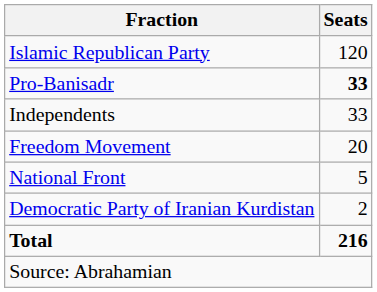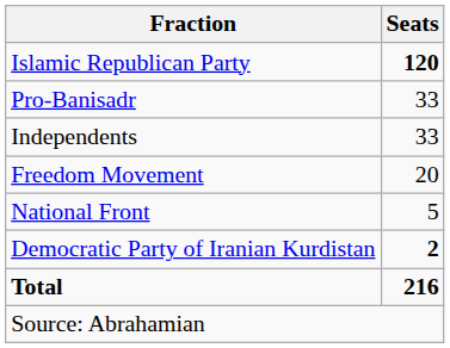 <table class=wikitable style=text-align:right>
 <tr>
 <th>Fraction</th>
 <th>Seats</th>
 </tr>
 <tr>
 <td align=left><a href='#'>Islamic Republican Party</a></td>
-<td>120</td>
+<td><strong>120</strong></td>
 </tr>
 <tr>
 <td align=left><a href='#'>Pro-Banisadr</a></td>
-<td><strong>33</strong></td>
+<td>33</td>
 </tr>
 <tr>
 <td align=left>Independents</td>
 <td>33</td>
 </tr>
 <tr>
 <td align=left><a href='#'>Freedom Movement</a></td>
 <td>20</td>
 </tr>
 <tr>
 <td align=left><a href='#'>National Front</a></td>
 <td>5</td>
 </tr>
 <tr>
 <td align=left><a href='#'>Democratic Party of Iranian Kurdistan</a></td>
-<td>2</td>
+<td><strong>2</strong></td>
 </tr>
 <tr>
 <td align=left><strong>Total</strong></td>
 <td><strong>216</strong></td>
 </tr>
 <tr>
 <td align=left colspan=3>Source: Abrahamian</td>
 </tr>
 </table>
